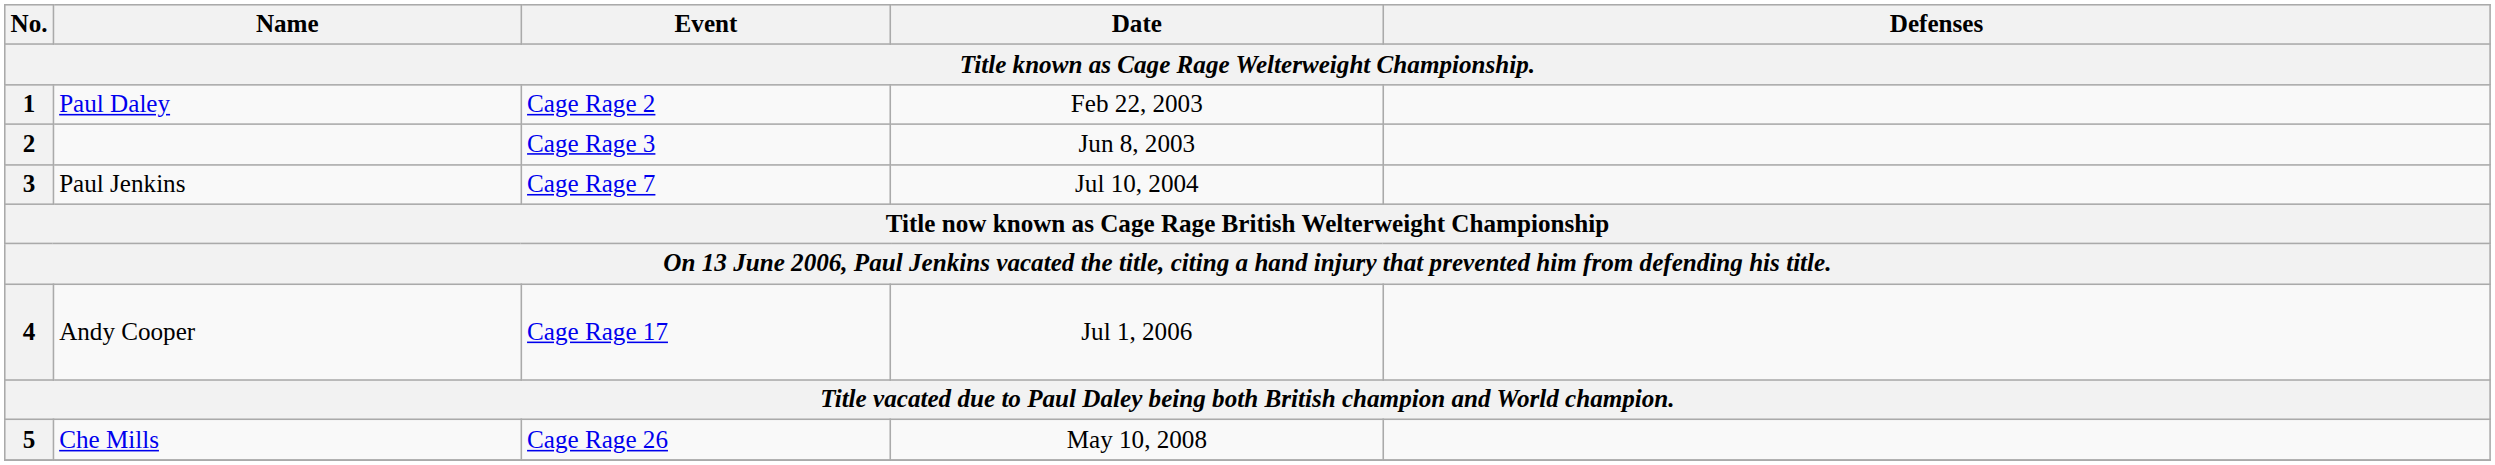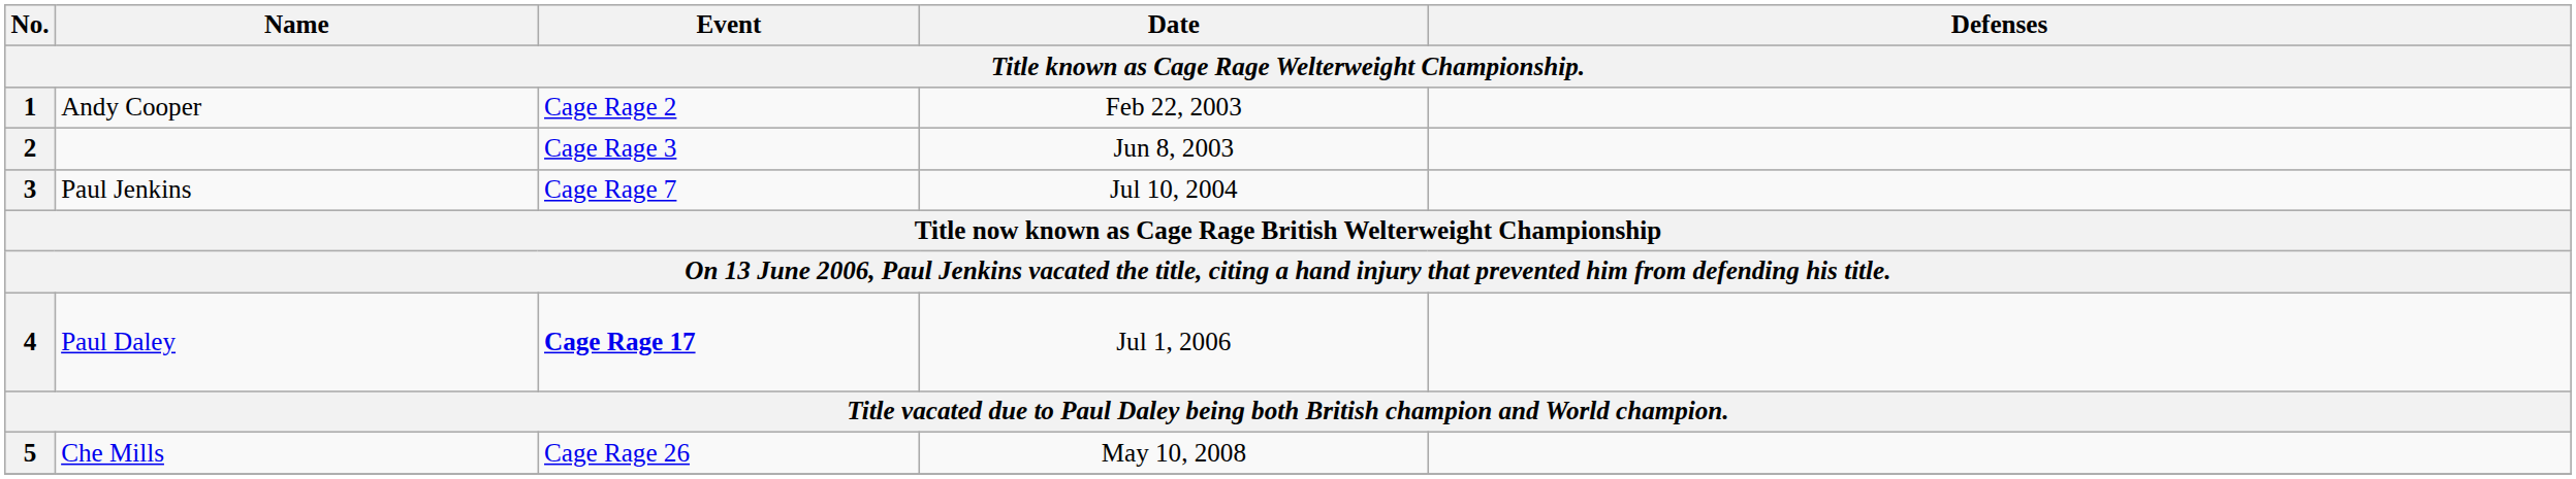 <table class="wikitable" width=100%>
 <tr>
 <th width=1%>No.</th>
 <th width=19%>Name</th>
 <th width=15%>Event</th>
 <th width=20%>Date</th>
 <th width=45%>Defenses</th>
 </tr>
 <tr>
 <th align=center colspan=5><em>Title known as <strong>Cage Rage Welterweight Championship.<strong><em></th>
 </tr>
 <tr>
 <th>1</th>
-<td> <a href='#'>Paul Daley</a> <br></td>
+<td> Andy Cooper <br></td>
 <td><a href='#'>Cage Rage 2</a> <br></td>
 <td align=center>Feb 22, 2003</td>
 <td></td>
 </tr>
 <tr>
 <th>2</th>
 <td></td>
 <td><a href='#'>Cage Rage 3</a> <br></td>
 <td align=center>Jun 8, 2003</td>
 <td></td>
 </tr>
 <tr>
 <th>3</th>
 <td> Paul Jenkins</td>
 <td><a href='#'>Cage Rage 7</a> <br></td>
 <td align=center>Jul 10, 2004</td>
 <td></td>
 </tr>
 <tr>
 <th align=center colspan=5></em>Title now known as </strong>Cage Rage British Welterweight Championship</em></strong></th>
 </tr>
 <tr>
 <th colspan=5 align=center><em>On 13 June 2006, Paul Jenkins vacated the title, citing a hand injury that prevented him from defending his title.</em></th>
 </tr>
 <tr>
 <th>4</th>
-<td> Andy Cooper <br></td>
-<td><a href='#'>Cage Rage 17</a> <br></td>
+<td> <a href='#'>Paul Daley</a> <br></td>
+<td><strong><a href='#'>Cage Rage 17</a> <br></strong></td>
 <td align=center>Jul 1, 2006</td>
 <td><br><br> <br> </td>
 </tr>
 <tr>
 <th colspan=5 align=center><em>Title vacated due to Paul Daley being both British champion and World champion.</em></th>
 </tr>
 <tr>
 <th>5</th>
 <td> <a href='#'>Che Mills</a> <br></td>
 <td><a href='#'>Cage Rage 26</a> <br></td>
 <td align=center>May 10, 2008</td>
 <td></td>
 </tr>
 <tr>
 </tr>
 </table>
